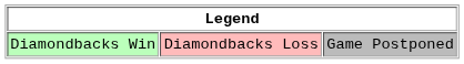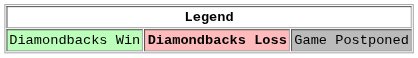 <table align="center" border="1" cellpadding="2" cellspacing="1" style="border:1px solid #aaa">
 <tr>
 <th colspan="3">Legend</th>
 </tr>
 <tr>
 <td style="background:#bfb;">Diamondbacks Win</td>
-<td style="background:#fbb;">Diamondbacks Loss</td>
+<td style="background:#fbb;"><strong>Diamondbacks Loss</strong></td>
 <td style="background:#bbb;">Game Postponed</td>
 </tr>
 </table>
